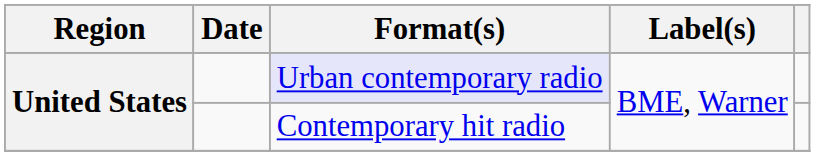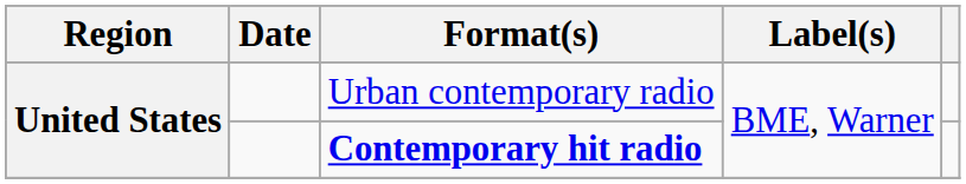 <table class="wikitable plainrowheaders" style="text-align:left">
 <tr>
 <th scope="col">Region</th>
 <th scope="col">Date</th>
 <th scope="col">Format(s)</th>
 <th scope="col">Label(s)</th>
 <th scope="col"></th>
 </tr>
 <tr>
 <th scope="row" rowspan="2">United States</th>
 <td></td>
-<td style="background: lavender;"><a href='#'>Urban contemporary radio</a></td>
+<td><a href='#'>Urban contemporary radio</a></td>
 <td rowspan="2"><a href='#'>BME</a>, <a href='#'>Warner</a></td>
 <td></td>
 </tr>
 <tr>
 <td></td>
-<td><a href='#'>Contemporary hit radio</a></td>
+<td><strong><a href='#'>Contemporary hit radio</a></strong></td>
 <td></td>
 </tr>
 <tr>
 </tr>
 </table>
